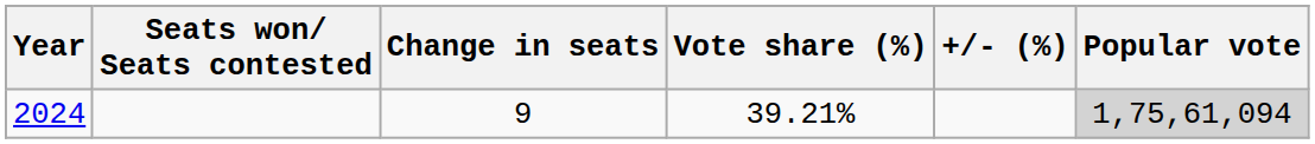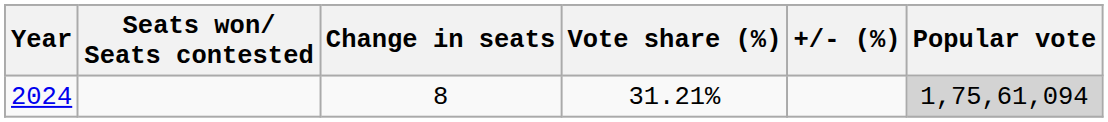 <table class="wikitable sortable">
 <tr>
 <th style="background-color:">Year</th>
 <th style="background-color:">Seats won/<br> Seats contested</th>
 <th style="background-color:">Change in seats</th>
 <th style="background-color:">Vote share (%)</th>
 <th style="background-color:">+/- (%)</th>
 <th style="background-color:">Popular vote</th>
 </tr>
 <tr style="text-align:center;">
 <td><a href='#'>2024</a></td>
 <td></td>
-<td> 9</td>
-<td>39.21%</td>
+<td> 8</td>
+<td>31.21%</td>
 <td></td>
 <td style="background: lightgrey;">1,75,61,094</td>
 </tr>
 </table>
